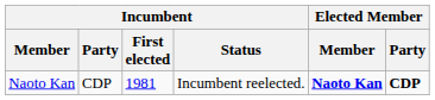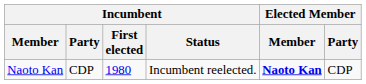 <table class="wikitable sortable">
 <tr>
 <th colspan=4>Incumbent</th>
 <th colspan=2>Elected Member</th>
 </tr>
 <tr>
 <th>Member</th>
 <th>Party</th>
 <th>First<br>elected</th>
 <th>Status</th>
 <th>Member</th>
 <th>Party</th>
 </tr>
 <tr>
 <td><a href='#'>Naoto Kan</a></td>
 <td>CDP</td>
-<td><a href='#'>1981</a></td>
+<td><a href='#'>1980</a></td>
 <td>Incumbent reelected.</td>
 <td><strong><a href='#'>Naoto Kan</a></strong></td>
-<td><strong>CDP</strong></td>
+<td>CDP</td>
 </tr>
 </table>
